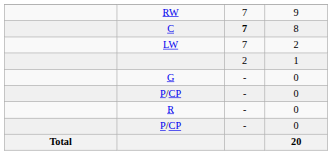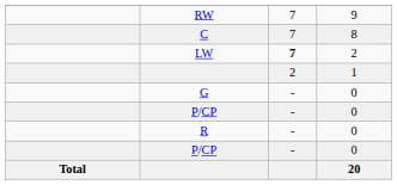 <table class="wikitable sortable" width ="40%">
 <tr align="center">
 </tr>
 <tr align="center" bgcolor="">
 <td></td>
 <td><a href='#'>RW</a></td>
 <td>7</td>
 <td>9</td>
 </tr>
 <tr align="center" bgcolor="f0f0f0">
 <td></td>
 <td><a href='#'>C</a></td>
-<td><strong>7</strong></td>
+<td>7</td>
 <td>8</td>
 </tr>
 <tr align="center" bgcolor="">
 <td></td>
 <td><a href='#'>LW</a></td>
-<td>7</td>
+<td><strong>7</strong></td>
 <td>2</td>
 </tr>
 <tr align="center" bgcolor="f0f0f0">
 <td></td>
 <td></td>
 <td>2</td>
 <td>1</td>
 </tr>
 <tr align="center" bgcolor="">
 <td></td>
 <td><a href='#'>G</a></td>
 <td>-</td>
 <td>0</td>
 </tr>
 <tr align="center" bgcolor="f0f0f0">
 <td></td>
 <td><a href='#'>P</a>/<a href='#'>CP</a></td>
 <td>-</td>
 <td>0</td>
 </tr>
 <tr align="center" bgcolor="">
 <td></td>
 <td><a href='#'>R</a></td>
 <td>-</td>
 <td>0</td>
 </tr>
 <tr align="center" bgcolor="f0f0f0">
 <td></td>
 <td><a href='#'>P</a>/<a href='#'>CP</a></td>
 <td>-</td>
 <td>0</td>
 </tr>
 <tr>
 <th>Total</th>
 <th></th>
 <th></th>
 <th>20</th>
 </tr>
 </table>
